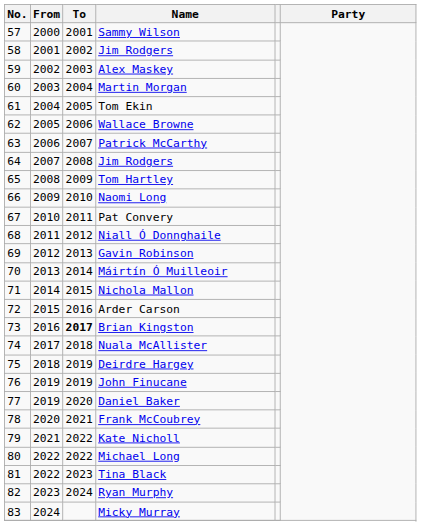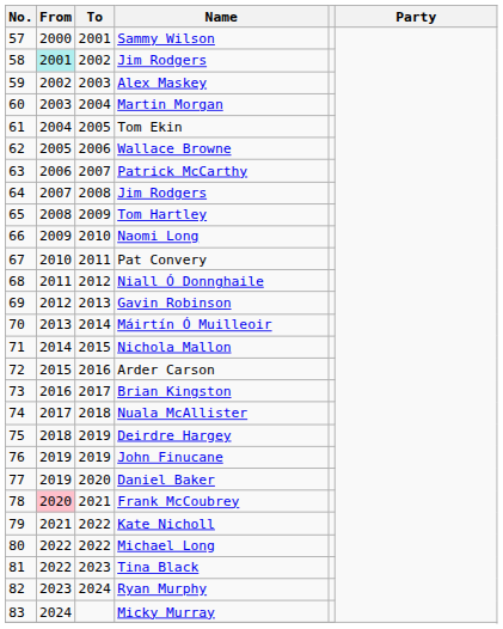 <table class="wikitable sortable">
 <tr>
 <th>No.</th>
 <th>From</th>
 <th>To</th>
 <th scope="col" width="200">Name</th>
 <th class="unsortable"></th>
 <th scope="col" width="150">Party</th>
 </tr>
 <tr>
 <td>57</td>
 <td>2000</td>
 <td>2001</td>
 <td><a href='#'>Sammy Wilson</a></td>
 <td></td>
 </tr>
 <tr>
 <td>58</td>
-<td>2001</td>
+<td style="background: paleturquoise;">2001</td>
 <td>2002</td>
 <td><a href='#'>Jim Rodgers</a></td>
 <td></td>
 </tr>
 <tr>
 <td>59</td>
 <td>2002</td>
 <td>2003</td>
 <td><a href='#'>Alex Maskey</a></td>
 <td></td>
 </tr>
 <tr>
 <td>60</td>
 <td>2003</td>
 <td>2004</td>
 <td><a href='#'>Martin Morgan</a></td>
 <td></td>
 </tr>
 <tr>
 <td>61</td>
 <td>2004</td>
 <td>2005</td>
 <td>Tom Ekin</td>
 <td></td>
 </tr>
 <tr>
 <td>62</td>
 <td>2005</td>
 <td>2006</td>
 <td><a href='#'>Wallace Browne</a></td>
 <td></td>
 </tr>
 <tr>
 <td>63</td>
 <td>2006</td>
 <td>2007</td>
 <td><a href='#'>Patrick McCarthy</a></td>
 <td></td>
 </tr>
 <tr>
 <td>64</td>
 <td>2007</td>
 <td>2008</td>
 <td><a href='#'>Jim Rodgers</a></td>
 <td></td>
 </tr>
 <tr>
 <td>65</td>
 <td>2008</td>
 <td>2009</td>
 <td><a href='#'>Tom Hartley</a></td>
 <td></td>
 </tr>
 <tr>
 <td>66</td>
 <td>2009</td>
 <td>2010</td>
 <td><a href='#'>Naomi Long</a></td>
 <td></td>
 </tr>
 <tr>
 <td>67</td>
 <td>2010</td>
 <td>2011</td>
 <td>Pat Convery</td>
 <td></td>
 </tr>
 <tr>
 <td>68</td>
 <td>2011</td>
 <td>2012</td>
 <td><a href='#'>Niall Ó Donnghaile</a></td>
 <td></td>
 </tr>
 <tr>
 <td>69</td>
 <td>2012</td>
 <td>2013</td>
 <td><a href='#'>Gavin Robinson</a></td>
 <td></td>
 </tr>
 <tr>
 <td>70</td>
 <td>2013</td>
 <td>2014</td>
 <td><a href='#'>Máirtín Ó Muilleoir</a></td>
 <td></td>
 </tr>
 <tr>
 <td>71</td>
 <td>2014</td>
 <td>2015</td>
 <td><a href='#'>Nichola Mallon</a></td>
 <td></td>
 </tr>
 <tr>
 <td>72</td>
 <td>2015</td>
 <td>2016</td>
 <td>Arder Carson</td>
 <td></td>
 </tr>
 <tr>
 <td>73</td>
 <td>2016</td>
-<td><strong>2017</strong></td>
+<td>2017</td>
 <td><a href='#'>Brian Kingston</a></td>
 <td></td>
 </tr>
 <tr>
 <td>74</td>
 <td>2017</td>
 <td>2018</td>
 <td><a href='#'>Nuala McAllister</a></td>
 <td></td>
 </tr>
 <tr>
 <td>75</td>
 <td>2018</td>
 <td>2019</td>
 <td><a href='#'>Deirdre Hargey</a></td>
 <td></td>
 </tr>
 <tr>
 <td>76</td>
 <td>2019</td>
 <td>2019</td>
 <td><a href='#'>John Finucane</a></td>
 <td></td>
 </tr>
 <tr>
 <td>77</td>
 <td>2019</td>
 <td>2020</td>
 <td><a href='#'>Daniel Baker</a></td>
 <td></td>
 </tr>
 <tr>
 <td>78</td>
-<td>2020</td>
+<td style="background: pink;">2020</td>
 <td>2021</td>
 <td><a href='#'>Frank McCoubrey</a></td>
 <td></td>
 </tr>
 <tr>
 <td>79</td>
 <td>2021</td>
 <td>2022</td>
 <td><a href='#'>Kate Nicholl</a></td>
 <td></td>
 </tr>
 <tr>
 <td>80</td>
 <td>2022</td>
 <td>2022</td>
 <td><a href='#'>Michael Long</a></td>
 <td></td>
 </tr>
 <tr>
 <td>81</td>
 <td>2022</td>
 <td>2023</td>
 <td><a href='#'>Tina Black</a></td>
 <td></td>
 </tr>
 <tr>
 <td>82</td>
 <td>2023</td>
 <td>2024</td>
 <td><a href='#'>Ryan Murphy</a></td>
 <td></td>
 </tr>
 <tr>
 <td>83</td>
 <td>2024</td>
 <td></td>
 <td><a href='#'>Micky Murray</a></td>
 <td></td>
 </tr>
 <tr>
 </tr>
 </table>
